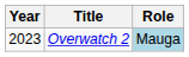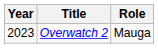 <table class="wikitable sortable">
 <tr>
 <th>Year</th>
 <th>Title</th>
 <th>Role</th>
 </tr>
 <tr>
 <td rowspan="3">2023</td>
 <td><em><a href='#'>Overwatch 2</a></em></td>
-<td style="background: lightblue;">Mauga</td>
+<td>Mauga</td>
 </tr>
 </table>
